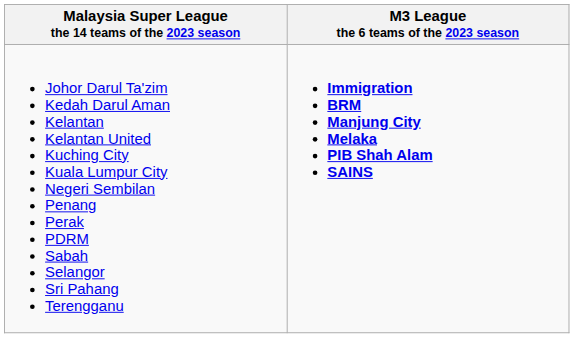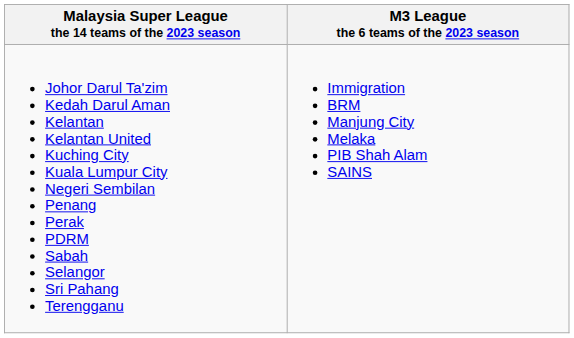 <table class="wikitable">
 <tr>
 <th style="width:25%">Malaysia Super League<br><small>the 14 teams of the <a href='#'>2023 season</a></small></th>
 <th style="width:25%">M3 League<br><small>the 6 teams of the <a href='#'>2023 season</a></small></th>
 </tr>
 <tr style="vertical-align:top">
 <td><br><ul><li><a href='#'>Johor Darul Ta'zim</a></li><li><a href='#'>Kedah Darul Aman</a></li><li><a href='#'>Kelantan</a></li><li><a href='#'>Kelantan United</a></li><li><a href='#'>Kuching City</a></li><li><a href='#'>Kuala Lumpur City</a></li><li><a href='#'>Negeri Sembilan</a></li><li><a href='#'>Penang</a></li><li><a href='#'>Perak</a></li><li><a href='#'>PDRM</a></li><li><a href='#'>Sabah</a></li><li><a href='#'>Selangor</a></li><li><a href='#'>Sri Pahang</a></li><li><a href='#'>Terengganu</a></li></ul></td>
-<td><strong><br><ul><li><a href='#'>Immigration</a></li><li><a href='#'>BRM</a></li><li><a href='#'>Manjung City</a></li><li><a href='#'>Melaka</a></li><li><a href='#'>PIB Shah Alam</a></li><li><a href='#'>SAINS</a></li></ul></strong></td>
+<td><br><ul><li><a href='#'>Immigration</a></li><li><a href='#'>BRM</a></li><li><a href='#'>Manjung City</a></li><li><a href='#'>Melaka</a></li><li><a href='#'>PIB Shah Alam</a></li><li><a href='#'>SAINS</a></li></ul></td>
 </tr>
 </table>
